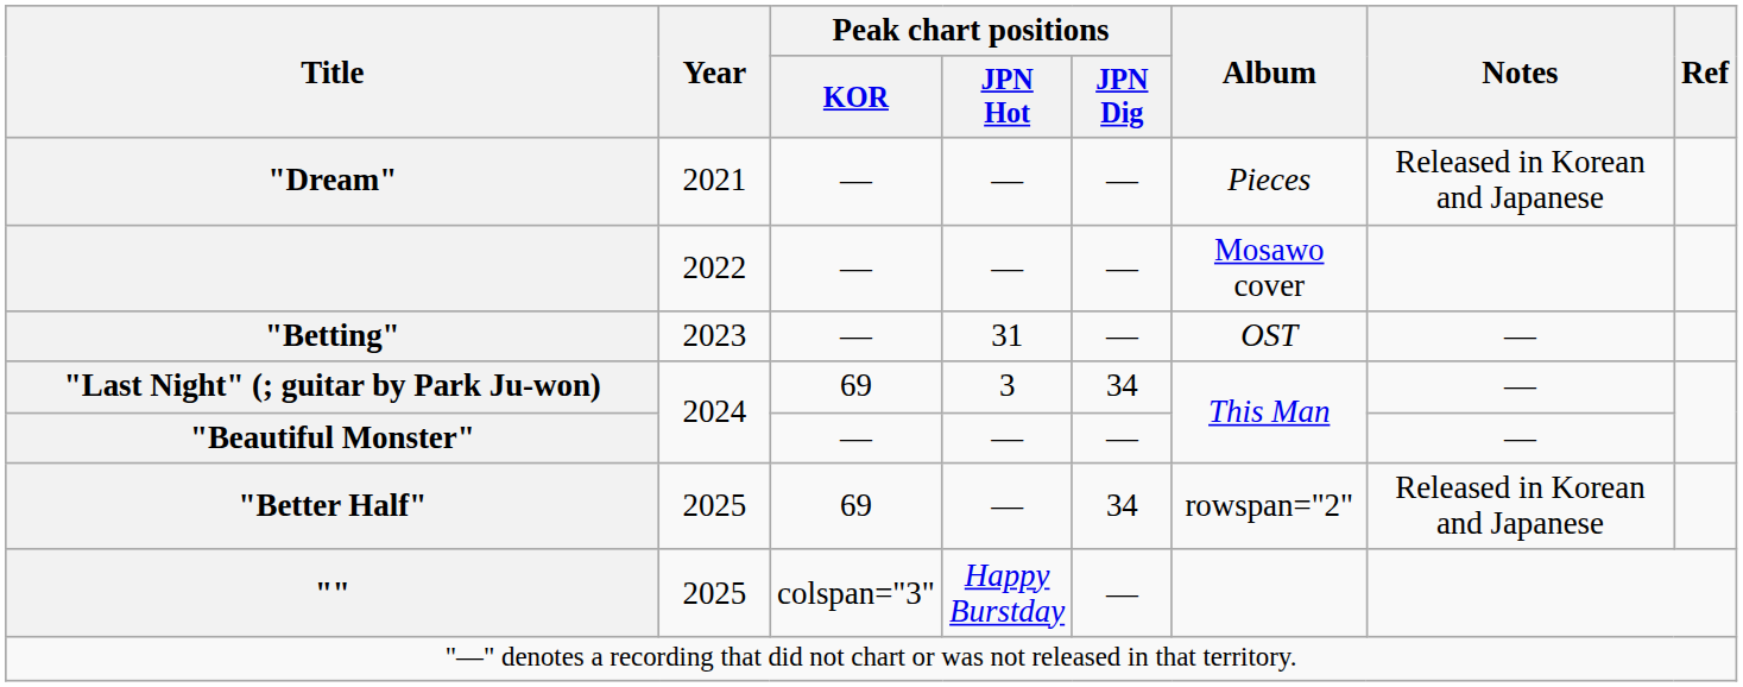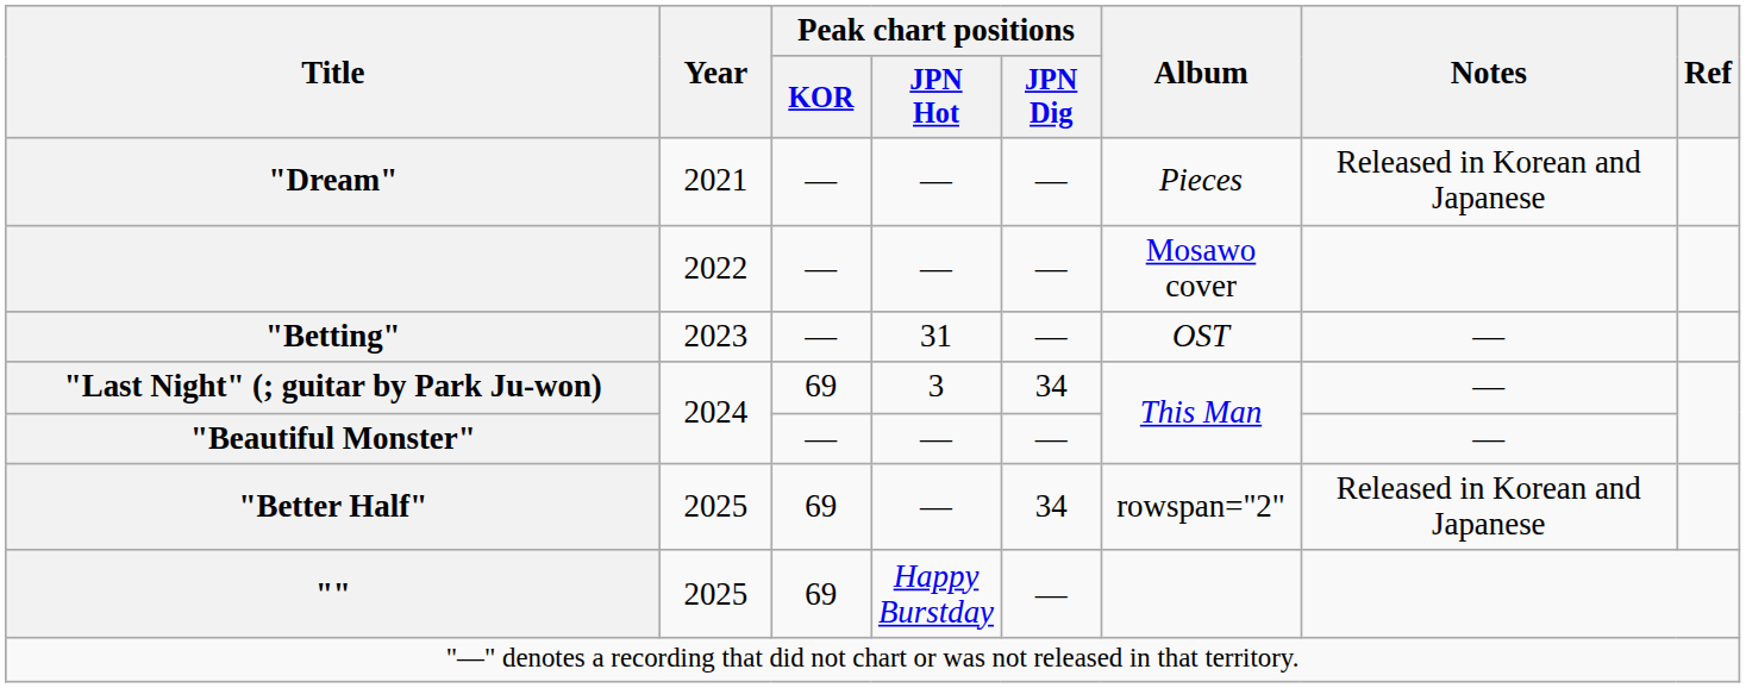 <table class="wikitable plainrowheaders" style="text-align:center">
 <tr>
 <th rowspan="2" style="width:20em;" scope="col">Title</th>
 <th rowspan="2" style="width:3em;" scope="col">Year</th>
 <th colspan="3" scope="col">Peak chart positions</th>
 <th rowspan="2" scope="col">Album</th>
 <th rowspan="2" scope="col">Notes</th>
 <th rowspan="2">Ref</th>
 </tr>
 <tr>
 <th scope="col" style="font-size:90%; width:3em"><a href='#'>KOR</a><br></th>
 <th scope="col" style="font-size:90%; width:3em"><a href='#'>JPN<br>Hot</a><br></th>
 <th scope="col" style="font-size:90%; width:3em"><a href='#'>JPN <br>Dig</a><br></th>
 </tr>
 <tr>
 <th scope="row">"Dream"</th>
 <td>2021</td>
 <td>—</td>
 <td>—</td>
 <td>—</td>
 <td><em>Pieces</em></td>
 <td>Released in Korean and Japanese</td>
 <td></td>
 </tr>
 <tr>
 <th scope="row"></th>
 <td>2022</td>
 <td>—</td>
 <td>—</td>
 <td>—</td>
 <td><a href='#'>Mosawo</a> cover</td>
 <td></td>
 </tr>
 <tr>
 <th scope="row">"Betting" <br></th>
 <td>2023</td>
 <td>—</td>
 <td>31</td>
 <td>—</td>
 <td><em> OST</em></td>
 <td>—</td>
 <td></td>
 </tr>
 <tr>
 <th scope="row">"Last Night" (; guitar by Park Ju-won) <br> </th>
 <td rowspan="2">2024</td>
 <td>69</td>
 <td>3</td>
 <td>34</td>
 <td rowspan="2"><em><a href='#'>This Man</a></em></td>
 <td>—</td>
 <td rowspan="2"></td>
 </tr>
 <tr>
 <th scope="row">"Beautiful Monster"</th>
 <td>—</td>
 <td>—</td>
 <td>—</td>
 <td>—</td>
 </tr>
 <tr>
 <th scope="row">"Better Half" <br></th>
 <td>2025</td>
 <td>69</td>
 <td>—</td>
 <td>34</td>
 <td>rowspan="2" </td>
 <td>Released in Korean and Japanese</td>
 <td></td>
 </tr>
 <tr>
 <th scope="row">""</th>
 <td>2025</td>
-<td>colspan="3" </td>
+<td>69</td>
 <td><em><a href='#'>Happy Burstday</a></em></td>
 <td>—</td>
 <td></td>
 </tr>
 <tr>
 <td colspan="9" style="font-size:85%">"—" denotes a recording that did not chart or was not released in that territory.</td>
 </tr>
 </table>
